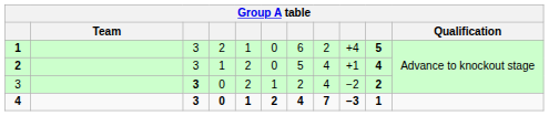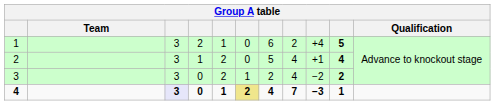 <table class="wikitable" style="text-align:center">
 <tr>
 <th colspan="11"><a href='#'>Group A</a> table</th>
 </tr>
 <tr>
 <th width="30"></th>
 <th width="210">Team</th>
 <th width="30"></th>
 <th width="30"></th>
 <th width="30"></th>
 <th width="30"></th>
 <th width="30"></th>
 <th width="30"></th>
 <th width="30"></th>
 <th width="30"></th>
 <th width="210">Qualification</th>
 </tr>
 <tr bgcolor="#ccffcc">
-<td><strong>1</strong></td>
+<td>1</td>
 <td align="left"></td>
 <td>3</td>
 <td>2</td>
 <td>1</td>
 <td>0</td>
 <td>6</td>
 <td>2</td>
 <td>+4</td>
 <td><strong>5</strong></td>
 <td rowspan="3">Advance to knockout stage</td>
 </tr>
 <tr bgcolor="#ccffcc">
-<td><strong>2</strong></td>
+<td>2</td>
 <td align="left"></td>
 <td>3</td>
 <td>1</td>
 <td>2</td>
 <td>0</td>
 <td>5</td>
 <td>4</td>
 <td>+1</td>
 <td><strong>4</strong></td>
 </tr>
 <tr bgcolor="#ccffcc">
 <td>3</td>
 <td align="left"></td>
-<td><strong>3</strong></td>
+<td>3</td>
 <td>0</td>
 <td>2</td>
 <td>1</td>
 <td>2</td>
 <td>4</td>
 <td>−2</td>
 <td><strong>2</strong></td>
 </tr>
 <tr>
 <td><strong>4</strong></td>
 <td align="left"><strong></strong></td>
-<td><strong>3</strong></td>
+<td style="background: lavender;"><strong>3</strong></td>
 <td><strong>0</strong></td>
 <td><strong>1</strong></td>
-<td><strong>2</strong></td>
+<td style="background: khaki;"><strong>2</strong></td>
 <td><strong>4</strong></td>
 <td><strong>7</strong></td>
 <td><strong>−3</strong></td>
 <td><strong>1</strong></td>
 <td></td>
 </tr>
 </table>
